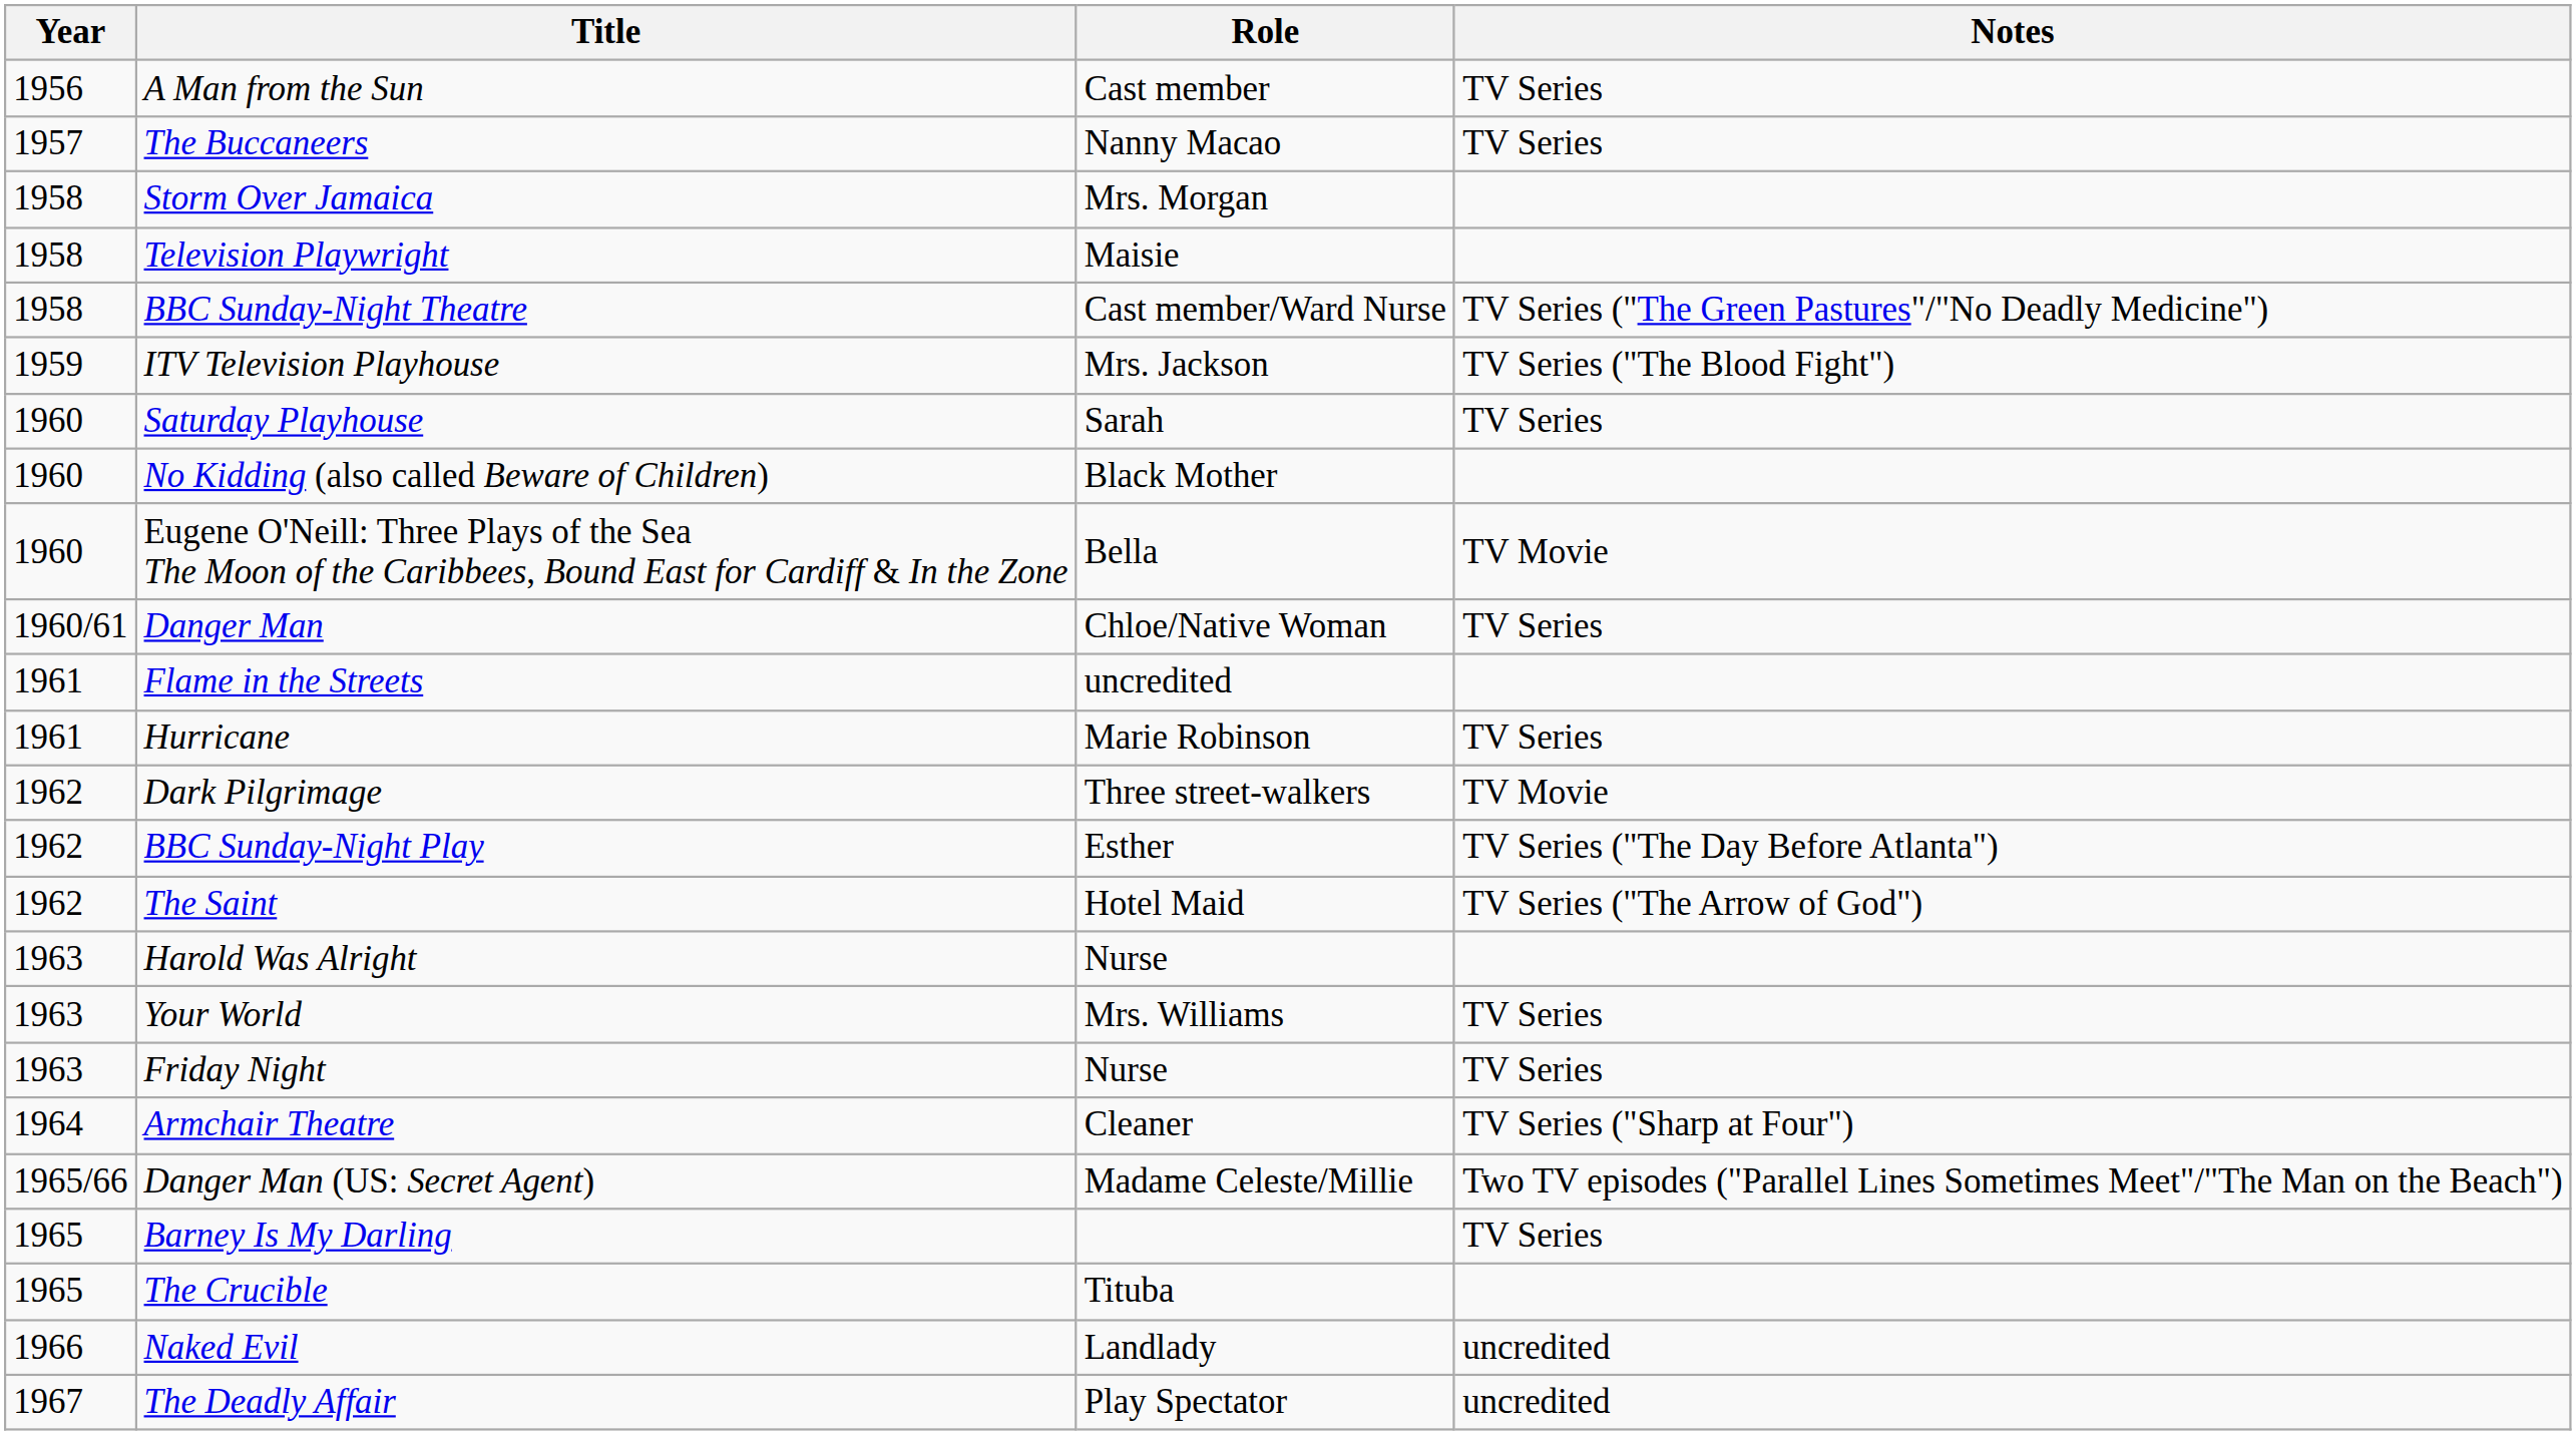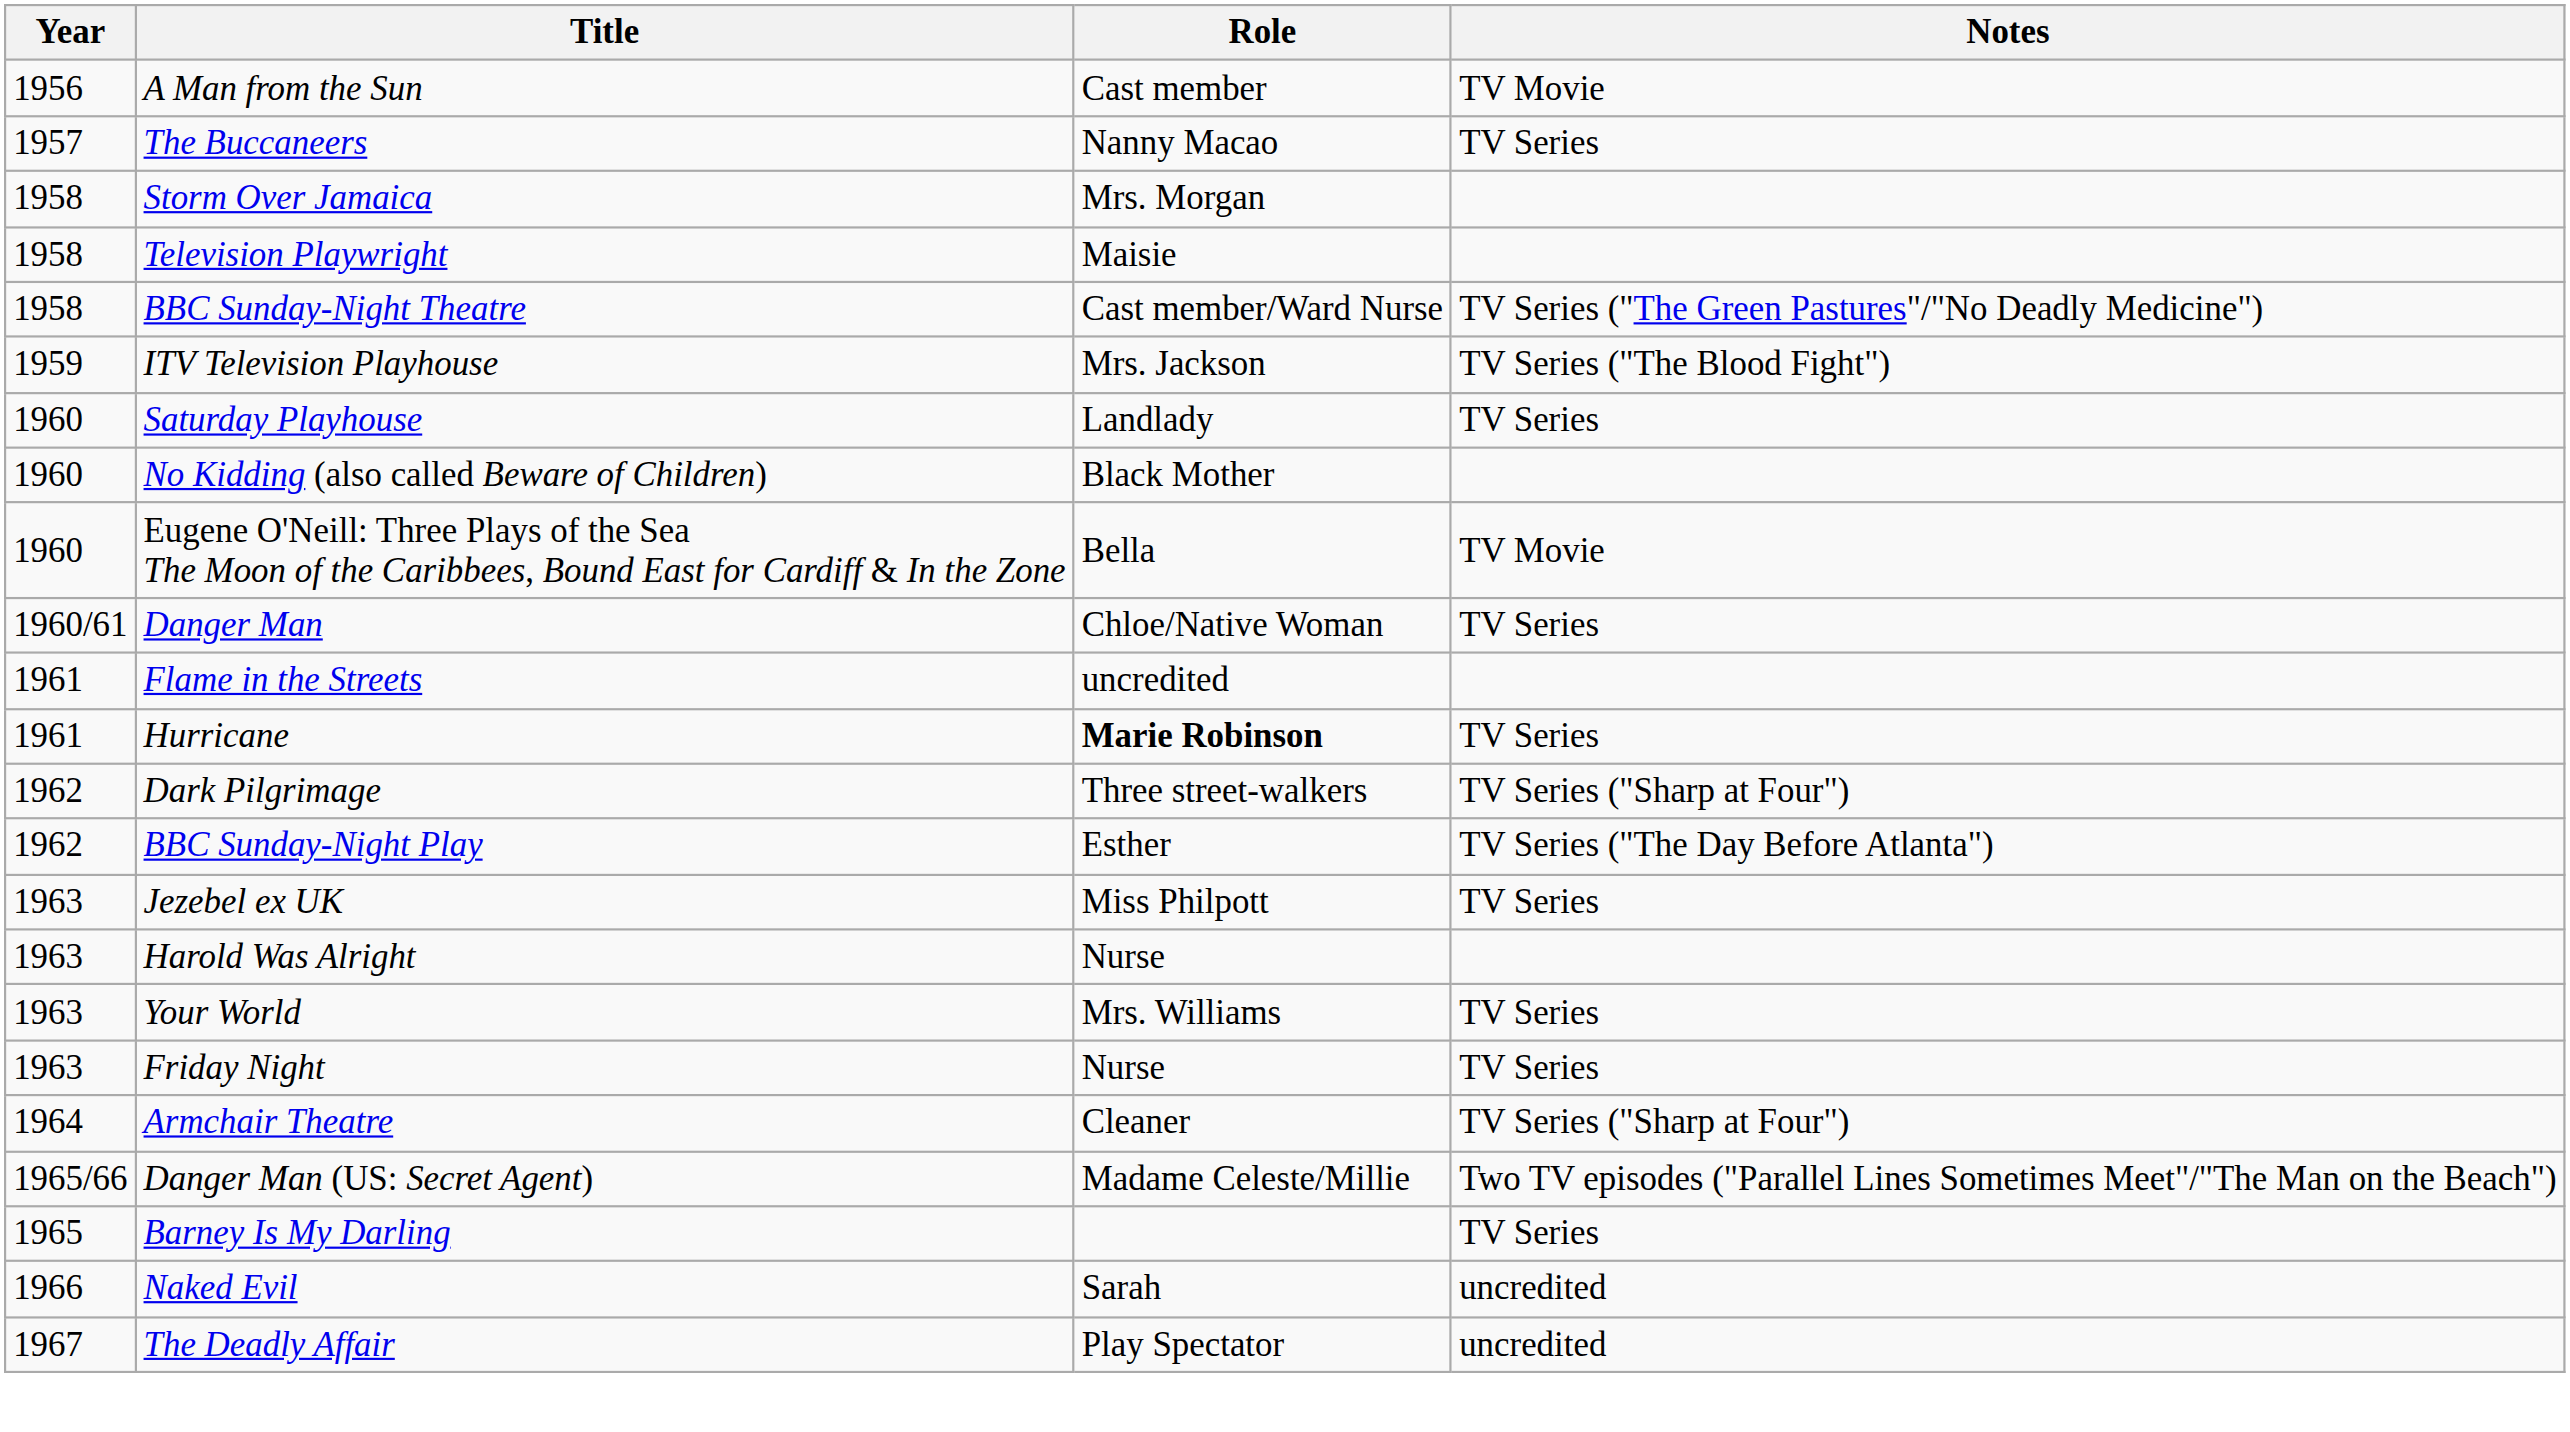 <table class="wikitable">
 <tr>
 <th>Year</th>
 <th>Title</th>
 <th>Role</th>
 <th>Notes</th>
 </tr>
 <tr>
 <td>1956</td>
 <td><em>A Man from the Sun</em></td>
 <td>Cast member</td>
-<td>TV Series</td>
+<td>TV Movie</td>
 </tr>
 <tr>
 <td>1957</td>
 <td><em><a href='#'>The Buccaneers</a></em></td>
 <td>Nanny Macao</td>
 <td>TV Series</td>
 </tr>
 <tr>
 <td>1958</td>
 <td><em><a href='#'>Storm Over Jamaica</a></em></td>
 <td>Mrs. Morgan</td>
 <td></td>
 </tr>
 <tr>
 <td>1958</td>
 <td><em><a href='#'>Television Playwright</a></em></td>
 <td>Maisie</td>
 <td></td>
 </tr>
 <tr>
 <td>1958</td>
 <td><em><a href='#'>BBC Sunday-Night Theatre</a></em></td>
 <td>Cast member/Ward Nurse</td>
 <td>TV Series ("<a href='#'>The Green Pastures</a>"/"No Deadly Medicine")</td>
 </tr>
 <tr>
 <td>1959</td>
 <td><em>ITV Television Playhouse</em></td>
 <td>Mrs. Jackson</td>
 <td>TV Series ("The Blood Fight")</td>
 </tr>
 <tr>
 <td>1960</td>
 <td><em><a href='#'>Saturday Playhouse</a></em></td>
-<td>Sarah</td>
+<td>Landlady</td>
 <td>TV Series</td>
 </tr>
 <tr>
 <td>1960</td>
 <td><em><a href='#'>No Kidding</a></em> (also called <em>Beware of Children</em>)</td>
 <td>Black Mother</td>
 <td></td>
 </tr>
 <tr>
 <td>1960</td>
 <td>Eugene O'Neill: Three Plays of the Sea<br><em>The Moon of the Caribbees</em>, <em>Bound East for Cardiff</em> & <em>In the Zone</em></td>
 <td>Bella</td>
 <td>TV Movie</td>
 </tr>
 <tr>
 <td>1960/61</td>
 <td><em><a href='#'>Danger Man</a></em></td>
 <td>Chloe/Native Woman</td>
 <td>TV Series</td>
 </tr>
 <tr>
 <td>1961</td>
 <td><em><a href='#'>Flame in the Streets</a></em></td>
 <td>uncredited</td>
 <td></td>
 </tr>
 <tr>
 <td>1961</td>
 <td><em>Hurricane</em></td>
-<td>Marie Robinson</td>
+<td><strong>Marie Robinson</strong></td>
 <td>TV Series</td>
 </tr>
 <tr>
 <td>1962</td>
 <td><em>Dark Pilgrimage</em></td>
 <td>Three street-walkers</td>
-<td>TV Movie</td>
+<td>TV Series ("Sharp at Four")</td>
 </tr>
 <tr>
 <td>1962</td>
 <td><em><a href='#'>BBC Sunday-Night Play</a></em></td>
 <td>Esther</td>
 <td>TV Series ("The Day Before Atlanta")</td>
 </tr>
 <tr>
-<td>1962</td>
-<td><em><a href='#'>The Saint</a></em></td>
-<td>Hotel Maid</td>
-<td>TV Series ("The Arrow of God")</td>
+<td>1963</td>
+<td><em>Jezebel ex UK</em></td>
+<td>Miss Philpott</td>
+<td>TV Series</td>
 </tr>
 <tr>
 <td>1963</td>
 <td><em>Harold Was Alright</em></td>
 <td>Nurse</td>
 <td></td>
 </tr>
 <tr>
 <td>1963</td>
 <td><em>Your World</em></td>
 <td>Mrs. Williams</td>
 <td>TV Series</td>
 </tr>
 <tr>
 <td>1963</td>
 <td><em>Friday Night</em></td>
 <td>Nurse</td>
 <td>TV Series</td>
 </tr>
 <tr>
 <td>1964</td>
 <td><em><a href='#'>Armchair Theatre</a></em></td>
 <td>Cleaner</td>
 <td>TV Series ("Sharp at Four")</td>
 </tr>
 <tr>
 <td>1965/66</td>
 <td><em>Danger Man</em> (US: <em>Secret Agent</em>)</td>
 <td>Madame Celeste/Millie</td>
 <td>Two TV episodes ("Parallel Lines Sometimes Meet"/"The Man on the Beach")</td>
 </tr>
 <tr>
 <td>1965</td>
 <td><em><a href='#'>Barney Is My Darling</a></em></td>
 <td></td>
 <td>TV Series</td>
 </tr>
 <tr>
-<td>1965</td>
-<td><em><a href='#'>The Crucible</a></em></td>
-<td>Tituba</td>
-<td></td>
-</tr>
-<tr>
 <td>1966</td>
 <td><em><a href='#'>Naked Evil</a></em></td>
-<td>Landlady</td>
+<td>Sarah</td>
 <td>uncredited</td>
 </tr>
 <tr>
 <td>1967</td>
 <td><em><a href='#'>The Deadly Affair</a></em></td>
 <td>Play Spectator</td>
 <td>uncredited</td>
 </tr>
 </table>
